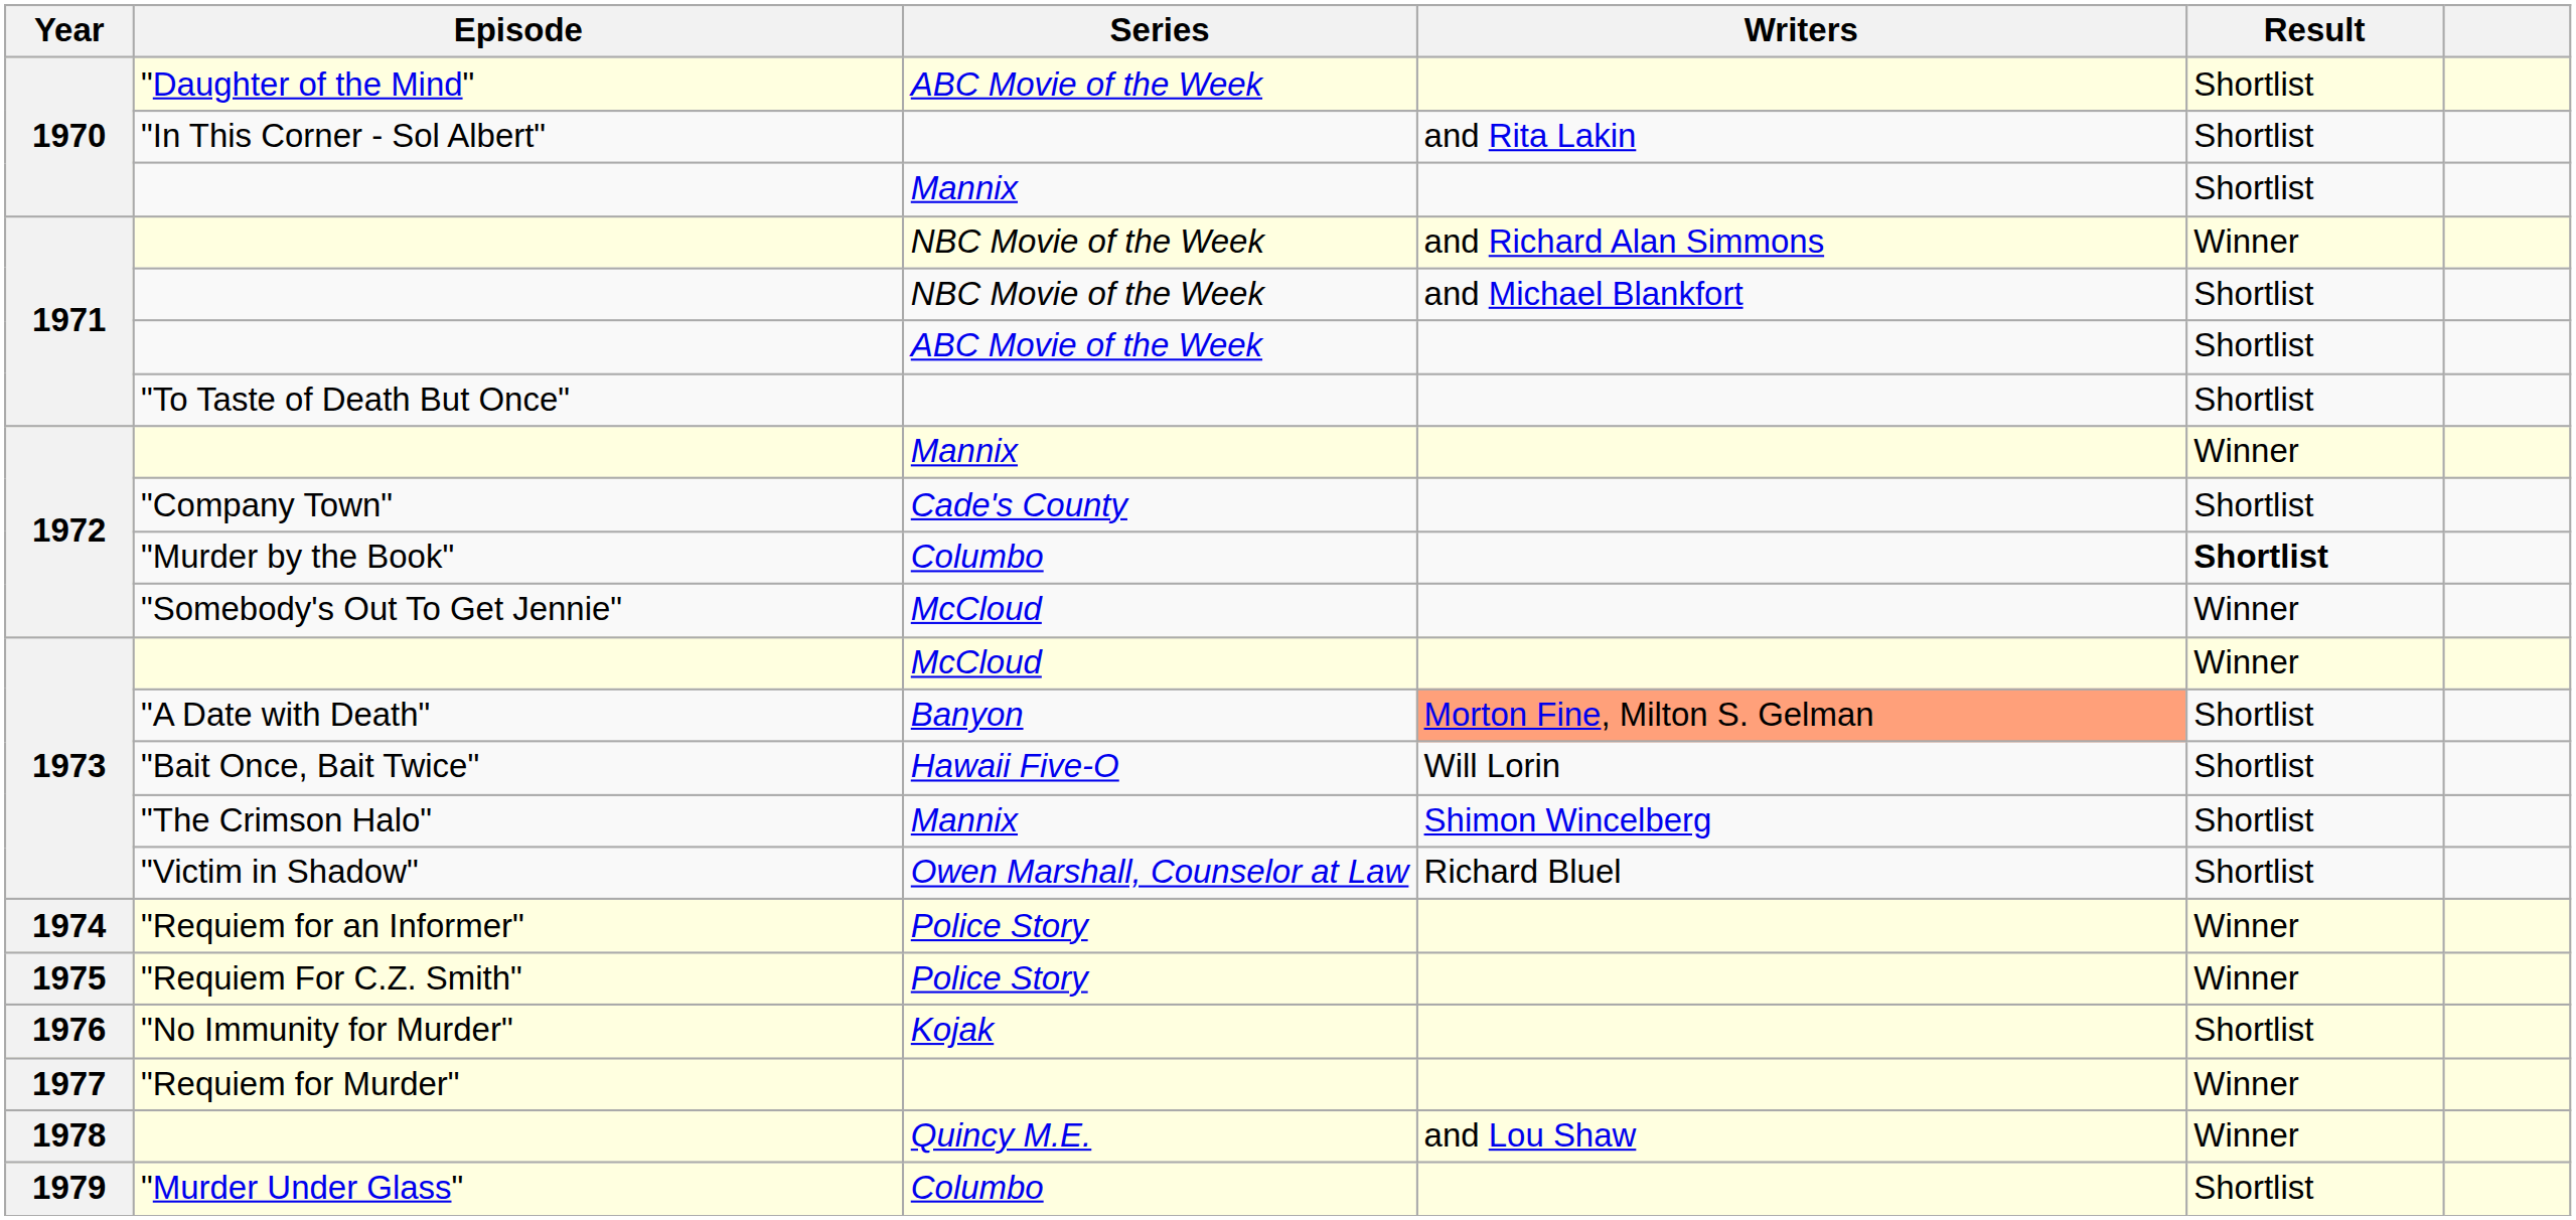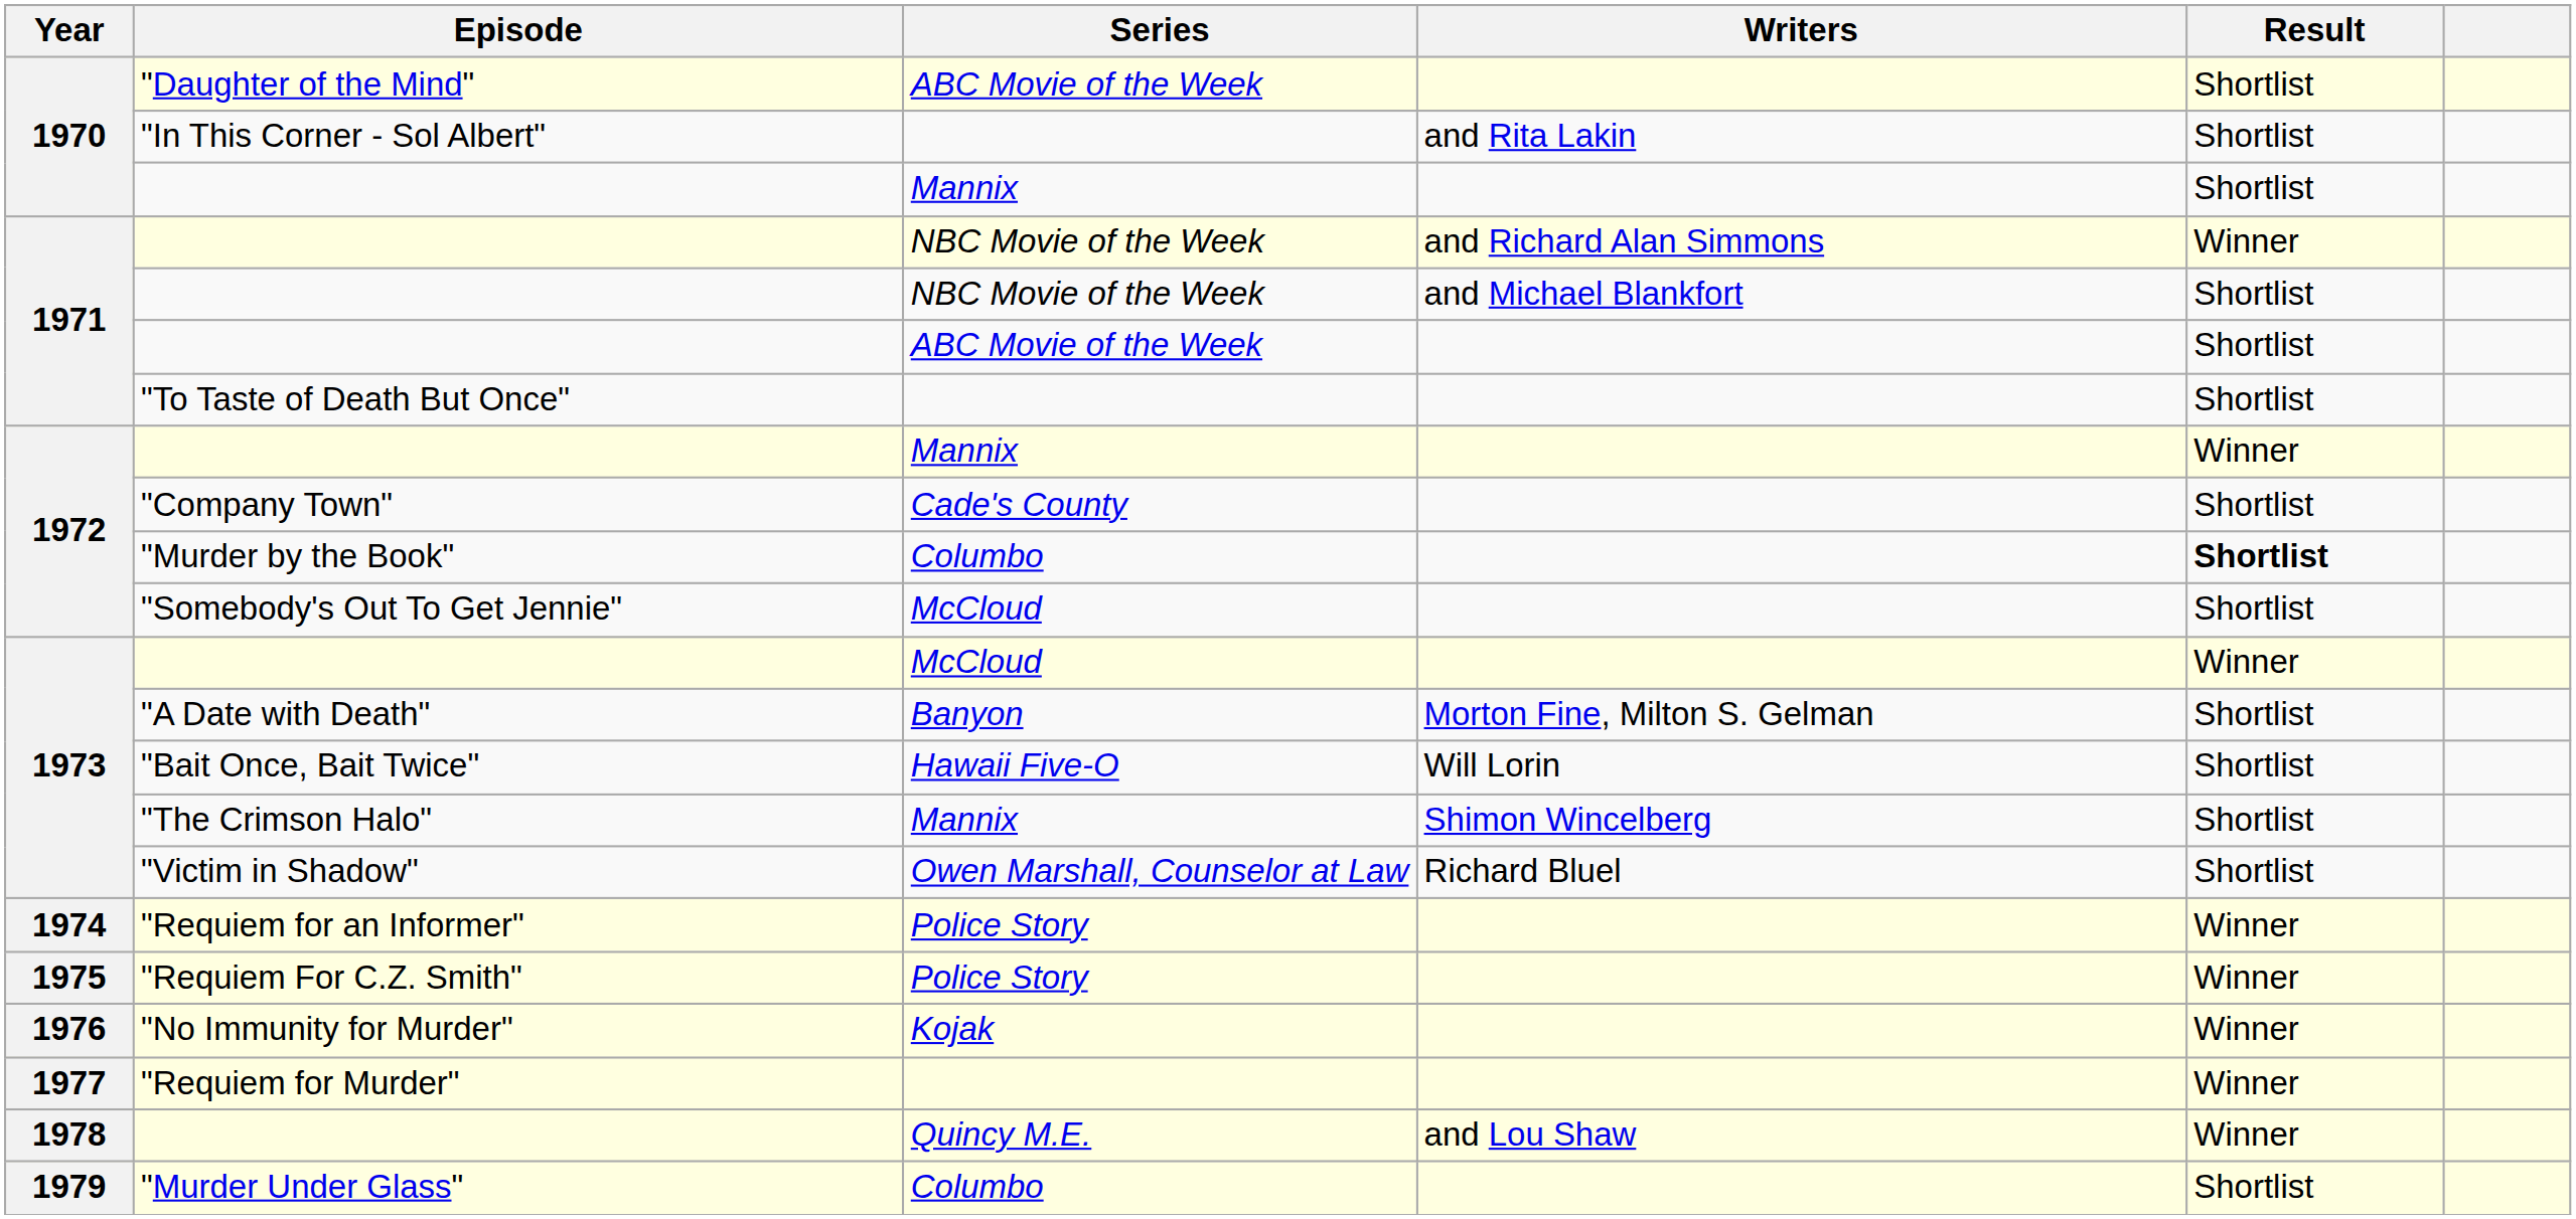 <table class="wikitable sortable" style="wdith:100%">
 <tr>
 <th scope="col" width="5%">Year</th>
 <th scope="col" width="30%">Episode</th>
 <th scope="col" width="20%">Series</th>
 <th scope="col" width="30%">Writers</th>
 <th scope="col" width="10%">Result</th>
 <th></th>
 </tr>
 <tr style="background:lightyellow;">
 <th rowspan="3"><strong>1970</strong></th>
 <td>"<a href='#'>Daughter of the Mind</a>"</td>
 <td><em><a href='#'>ABC Movie of the Week</a></em></td>
 <td></td>
 <td>Shortlist</td>
 <td></td>
 </tr>
 <tr>
 <td>"In This Corner - Sol Albert"</td>
 <td></td>
 <td> and <a href='#'>Rita Lakin</a></td>
 <td>Shortlist</td>
 <td></td>
 </tr>
 <tr>
 <td></td>
 <td><em><a href='#'>Mannix</a></em></td>
 <td></td>
 <td>Shortlist</td>
 <td></td>
 </tr>
 <tr style="background:lightyellow;">
 <th rowspan="4"><strong>1971</strong></th>
 <td></td>
 <td><em>NBC Movie of the Week</em></td>
 <td> and <a href='#'>Richard Alan Simmons</a></td>
 <td>Winner</td>
 <td></td>
 </tr>
 <tr>
 <td><em></em></td>
 <td><em>NBC Movie of the Week</em></td>
 <td> and <a href='#'>Michael Blankfort</a></td>
 <td>Shortlist</td>
 <td></td>
 </tr>
 <tr>
 <td></td>
 <td><em><a href='#'>ABC Movie of the Week</a></em></td>
 <td></td>
 <td>Shortlist</td>
 <td></td>
 </tr>
 <tr>
 <td>"To Taste of Death But Once"</td>
 <td></td>
 <td></td>
 <td>Shortlist</td>
 <td></td>
 </tr>
 <tr style="background:lightyellow;">
 <th rowspan="4"><strong>1972</strong></th>
 <td></td>
 <td><em><a href='#'>Mannix</a></em></td>
 <td></td>
 <td>Winner</td>
 <td></td>
 </tr>
 <tr>
 <td>"Company Town"</td>
 <td><em><a href='#'>Cade's County</a></em></td>
 <td></td>
 <td>Shortlist</td>
 <td></td>
 </tr>
 <tr>
 <td>"Murder by the Book"</td>
 <td><em><a href='#'>Columbo</a></em></td>
 <td></td>
 <td><strong>Shortlist</strong></td>
 <td></td>
 </tr>
 <tr>
 <td>"Somebody's Out To Get Jennie"</td>
 <td><em><a href='#'>McCloud</a></em></td>
 <td></td>
-<td>Winner</td>
+<td>Shortlist</td>
 <td></td>
 </tr>
 <tr style="background:lightyellow;">
 <th rowspan="5">1973</th>
 <td></td>
 <td><em><a href='#'>McCloud</a></em></td>
 <td></td>
 <td>Winner</td>
 <td></td>
 </tr>
 <tr>
 <td>"A Date with Death"</td>
 <td><em><a href='#'>Banyon</a></em></td>
-<td style="background: lightsalmon;"><a href='#'>Morton Fine</a>, Milton S. Gelman</td>
+<td><a href='#'>Morton Fine</a>, Milton S. Gelman</td>
 <td>Shortlist</td>
 <td></td>
 </tr>
 <tr>
 <td>"Bait Once, Bait Twice"</td>
 <td><em><a href='#'>Hawaii Five-O</a></em></td>
 <td>Will Lorin</td>
 <td>Shortlist</td>
 <td></td>
 </tr>
 <tr>
 <td>"The Crimson Halo"</td>
 <td><em><a href='#'>Mannix</a></em></td>
 <td><a href='#'>Shimon Wincelberg</a></td>
 <td>Shortlist</td>
 <td></td>
 </tr>
 <tr>
 <td>"Victim in Shadow"</td>
 <td><em><a href='#'>Owen Marshall, Counselor at Law</a></em></td>
 <td>Richard Bluel</td>
 <td>Shortlist</td>
 <td></td>
 </tr>
 <tr style="background:lightyellow;">
 <th>1974</th>
 <td>"Requiem for an Informer"</td>
 <td><em><a href='#'>Police Story</a></em></td>
 <td></td>
 <td>Winner</td>
 <td></td>
 </tr>
 <tr style="background:lightyellow;">
 <th>1975</th>
 <td>"Requiem For C.Z. Smith"</td>
 <td><em><a href='#'>Police Story</a></em></td>
 <td></td>
 <td>Winner</td>
 <td></td>
 </tr>
 <tr style="background:lightyellow;">
 <th>1976</th>
 <td>"No Immunity for Murder"</td>
 <td><em><a href='#'>Kojak</a></em></td>
 <td></td>
-<td>Shortlist</td>
+<td>Winner</td>
 <td></td>
 </tr>
 <tr style="background:lightyellow;">
 <th>1977</th>
 <td>"Requiem for Murder"</td>
 <td></td>
 <td></td>
 <td>Winner</td>
 <td></td>
 </tr>
 <tr style="background:lightyellow;">
 <th>1978</th>
 <td></td>
 <td><em><a href='#'>Quincy M.E.</a></em></td>
 <td> and <a href='#'>Lou Shaw</a></td>
 <td>Winner</td>
 <td></td>
 </tr>
 <tr style="background:lightyellow;">
 <th><strong>1979</strong></th>
 <td>"<a href='#'>Murder Under Glass</a>"</td>
 <td><em><a href='#'>Columbo</a></em></td>
 <td></td>
 <td>Shortlist</td>
 <td></td>
 </tr>
 </table>
